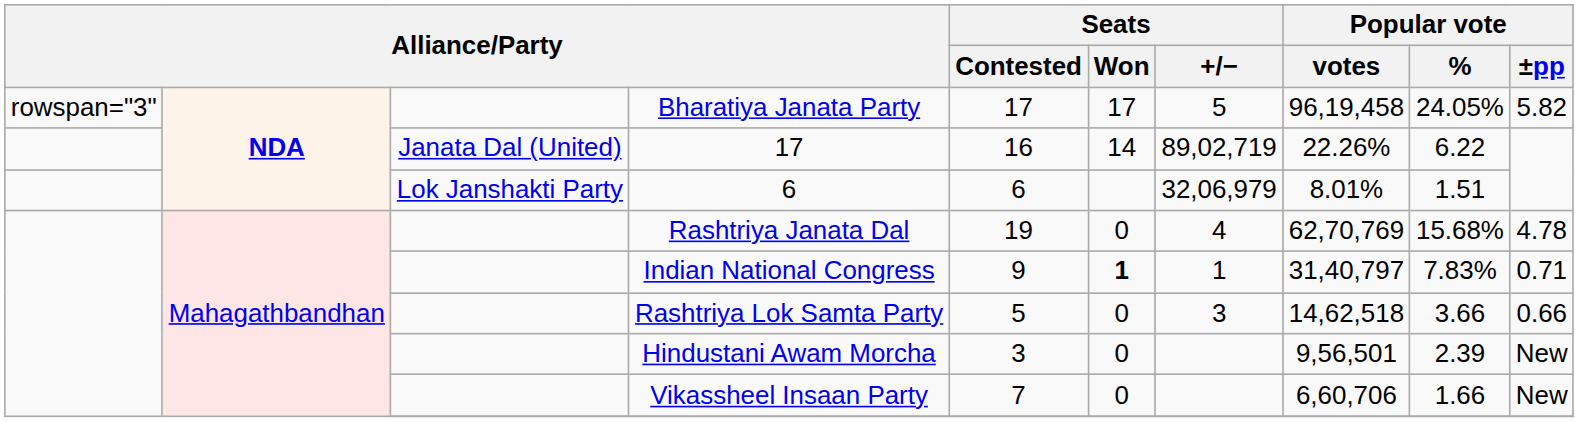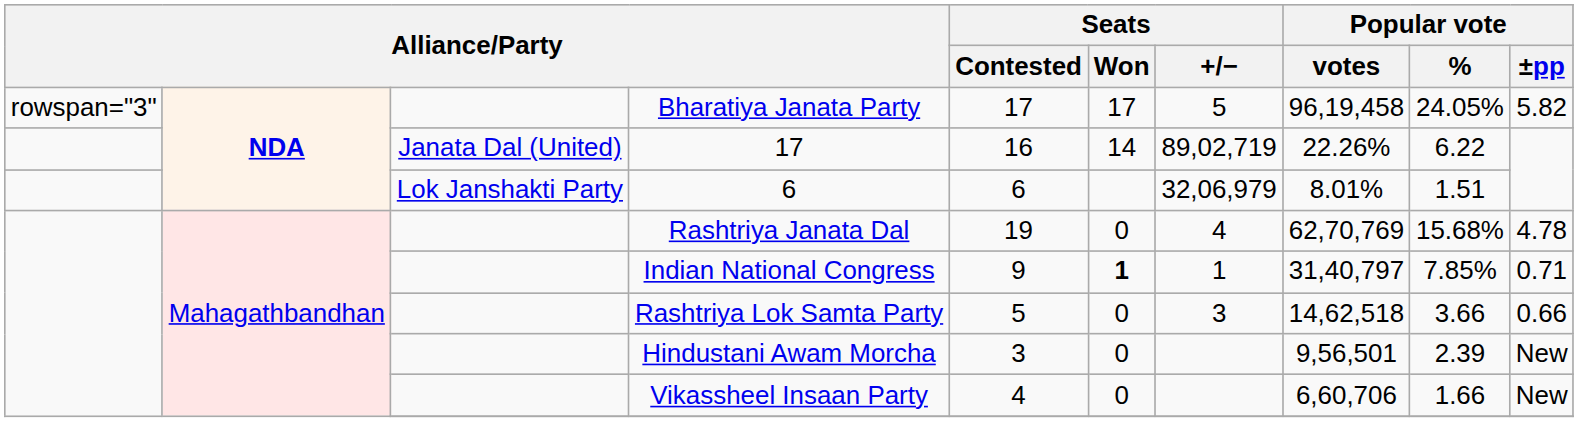 <table class="wikitable sortable" style="text-align:center;">
 <tr>
 <th colspan="4" rowspan="2">Alliance/Party</th>
 <th colspan="3">Seats</th>
 <th colspan="3">Popular vote</th>
 </tr>
 <tr>
 <th>Contested</th>
 <th>Won</th>
 <th><strong>+/−</strong></th>
 <th data-sort-type=number>votes</th>
 <th>%</th>
 <th>±<a href='#'>pp</a></th>
 </tr>
 <tr>
 <td>rowspan="3" </td>
 <th rowspan="3"style="background:#fef3e8"><a href='#'>NDA</a></th>
 <td></td>
 <td><a href='#'>Bharatiya Janata Party</a></td>
 <td>17</td>
 <td>17</td>
 <td> 5</td>
 <td>96,19,458</td>
 <td>24.05%</td>
 <td>5.82</td>
 </tr>
 <tr>
 <td></td>
 <td><a href='#'>Janata Dal (United)</a></td>
 <td>17</td>
 <td>16</td>
 <td> 14</td>
 <td>89,02,719</td>
 <td>22.26%</td>
 <td>6.22</td>
 </tr>
 <tr>
 <td></td>
 <td><a href='#'>Lok Janshakti Party</a></td>
 <td>6</td>
 <td>6</td>
 <td></td>
 <td>32,06,979</td>
 <td>8.01%</td>
 <td>1.51</td>
 </tr>
 <tr>
 <td rowspan=6 bgcolor=></td>
 <td rowspan=6 style="background:#FFE6E6"><a href='#'>Mahagathbandhan</a></td>
 <td></td>
 <td><a href='#'>Rashtriya Janata Dal</a></td>
 <td>19</td>
 <td>0</td>
 <td> 4</td>
 <td>62,70,769</td>
 <td>15.68%</td>
 <td>4.78</td>
 </tr>
 <tr>
 <td></td>
 <td><a href='#'>Indian National Congress</a></td>
 <td>9</td>
 <td><strong>1</strong></td>
 <td> 1</td>
 <td>31,40,797</td>
-<td>7.83%</td>
+<td>7.85%</td>
 <td>0.71</td>
 </tr>
 <tr>
 <td></td>
 <td><a href='#'>Rashtriya Lok Samta Party</a></td>
 <td>5</td>
 <td>0</td>
 <td> 3</td>
 <td>14,62,518</td>
 <td>3.66</td>
 <td> 0.66</td>
 </tr>
 <tr>
 <td></td>
 <td><a href='#'>Hindustani Awam Morcha</a></td>
 <td>3</td>
 <td>0</td>
 <td></td>
 <td>9,56,501</td>
 <td>2.39</td>
 <td>New</td>
 </tr>
 <tr>
 <td></td>
 <td><a href='#'>Vikassheel Insaan Party</a></td>
-<td>7</td>
+<td>4</td>
 <td>0</td>
 <td></td>
 <td>6,60,706</td>
 <td>1.66</td>
 <td>New</td>
 </tr>
 <tr>
 </tr>
 </table>
